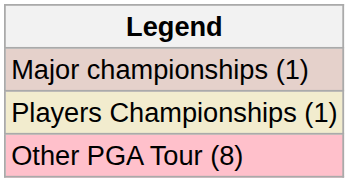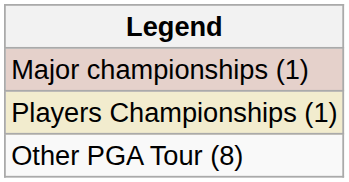 <table class="wikitable" style="font-size:95%;">
 <tr>
 <th>Legend</th>
 </tr>
 <tr style="background:#e5d1cb;">
 <td>Major championships (1)</td>
 </tr>
 <tr style="background:#f2ecce;">
 <td>Players Championships (1)</td>
 </tr>
 <tr>
-<td style="background: pink;">Other PGA Tour (8)</td>
+<td>Other PGA Tour (8)</td>
 </tr>
 </table>
